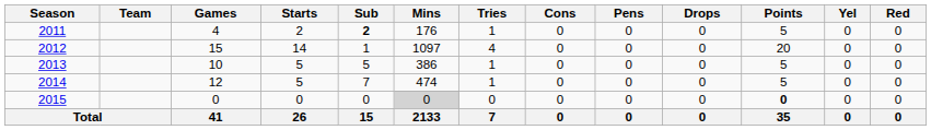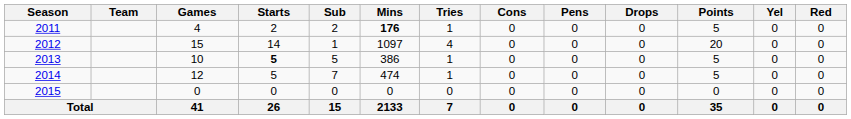 <table class="wikitable" style="text-align:center; line-height:90%; font-size:95%; width:70%;">
 <tr>
 <th>Season</th>
 <th>Team</th>
 <th>Games</th>
 <th>Starts</th>
 <th>Sub</th>
 <th>Mins</th>
 <th>Tries</th>
 <th>Cons</th>
 <th>Pens</th>
 <th>Drops</th>
 <th>Points</th>
 <th>Yel</th>
 <th>Red</th>
 </tr>
 <tr>
 <td><a href='#'>2011</a></td>
 <td></td>
 <td>4</td>
 <td>2</td>
-<td><strong>2</strong></td>
-<td>176</td>
+<td>2</td>
+<td><strong>176</strong></td>
 <td>1</td>
 <td>0</td>
 <td>0</td>
 <td>0</td>
 <td>5</td>
 <td>0</td>
 <td>0</td>
 </tr>
 <tr>
 <td><a href='#'>2012</a></td>
 <td></td>
 <td>15</td>
 <td>14</td>
 <td>1</td>
 <td>1097</td>
 <td>4</td>
 <td>0</td>
 <td>0</td>
 <td>0</td>
 <td>20</td>
 <td>0</td>
 <td>0</td>
 </tr>
 <tr>
 <td><a href='#'>2013</a></td>
 <td></td>
 <td>10</td>
-<td>5</td>
+<td><strong>5</strong></td>
 <td>5</td>
 <td>386</td>
 <td>1</td>
 <td>0</td>
 <td>0</td>
 <td>0</td>
 <td>5</td>
 <td>0</td>
 <td>0</td>
 </tr>
 <tr>
 <td><a href='#'>2014</a></td>
 <td></td>
 <td>12</td>
 <td>5</td>
 <td>7</td>
 <td>474</td>
 <td>1</td>
 <td>0</td>
 <td>0</td>
 <td>0</td>
 <td>5</td>
 <td>0</td>
 <td>0</td>
 </tr>
 <tr>
 <td><a href='#'>2015</a></td>
 <td></td>
 <td>0</td>
 <td>0</td>
 <td>0</td>
-<td style="background: lightgrey;">0</td>
 <td>0</td>
 <td>0</td>
 <td>0</td>
 <td>0</td>
-<td><strong>0</strong></td>
+<td>0</td>
+<td>0</td>
 <td>0</td>
 <td>0</td>
 </tr>
 <tr>
 <th colspan="2">Total</th>
 <th>41</th>
 <th>26</th>
 <th>15</th>
 <th>2133</th>
 <th>7</th>
 <th>0</th>
 <th>0</th>
 <th>0</th>
 <th>35</th>
 <th>0</th>
 <th>0</th>
 </tr>
 </table>
